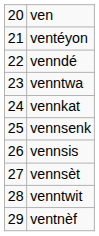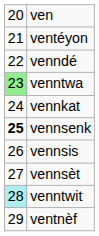 <table class="wikitable" style="float:left; margin-right:0.5em">
 <tr>
 <td>20</td>
 <td>ven</td>
 </tr>
 <tr>
 <td>21</td>
 <td>ventéyon</td>
 </tr>
 <tr>
 <td>22</td>
 <td>venndé</td>
 </tr>
 <tr>
-<td>23</td>
+<td style="background: lightgreen;">23</td>
 <td>venntwa</td>
 </tr>
 <tr>
 <td>24</td>
 <td>vennkat</td>
 </tr>
 <tr>
-<td>25</td>
+<td><strong>25</strong></td>
 <td>vennsenk</td>
 </tr>
 <tr>
 <td>26</td>
 <td>vennsis</td>
 </tr>
 <tr>
 <td>27</td>
 <td>vennsèt</td>
 </tr>
 <tr>
-<td>28</td>
+<td style="background: paleturquoise;">28</td>
 <td>venntwit</td>
 </tr>
 <tr>
 <td>29</td>
 <td>ventnèf</td>
 </tr>
 </table>
